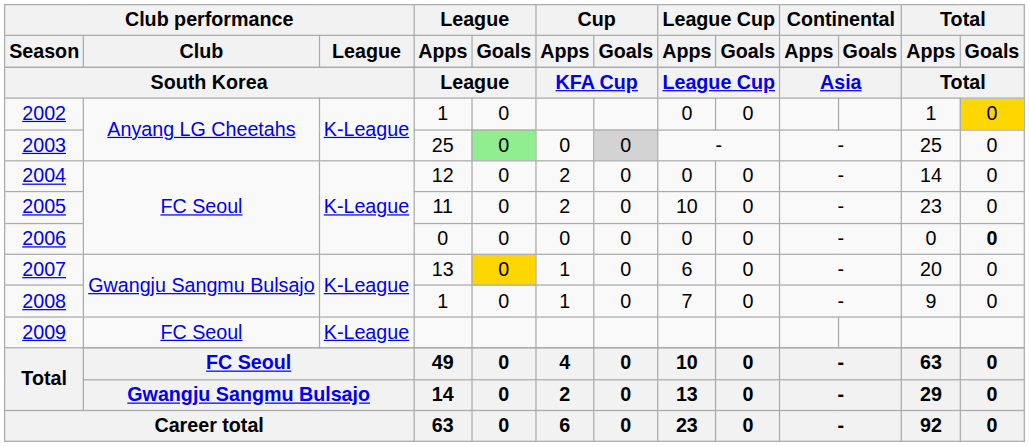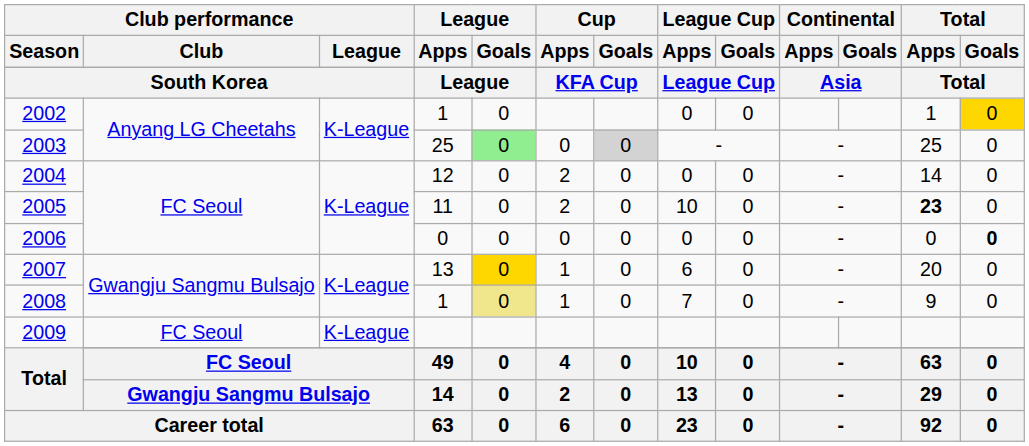 <table class="wikitable" style="text-align:center">
 <tr>
 <th colspan=3>Club performance</th>
 <th colspan=2>League</th>
 <th colspan=2>Cup</th>
 <th colspan=2>League Cup</th>
 <th colspan=2>Continental</th>
 <th colspan=2>Total</th>
 </tr>
 <tr>
 <th>Season</th>
 <th>Club</th>
 <th>League</th>
 <th>Apps</th>
 <th>Goals</th>
 <th>Apps</th>
 <th>Goals</th>
 <th>Apps</th>
 <th>Goals</th>
 <th>Apps</th>
 <th>Goals</th>
 <th>Apps</th>
 <th>Goals</th>
 </tr>
 <tr>
 </tr>
 <tr>
 <th colspan=3>South Korea</th>
 <th colspan=2>League</th>
 <th colspan=2><a href='#'>KFA Cup</a></th>
 <th colspan=2><a href='#'>League Cup</a></th>
 <th colspan=2><a href='#'>Asia</a></th>
 <th colspan=2>Total</th>
 </tr>
 <tr>
 <td><a href='#'>2002</a></td>
 <td rowspan="2"><a href='#'>Anyang LG Cheetahs</a></td>
 <td rowspan="2"><a href='#'>K-League</a></td>
 <td>1</td>
 <td>0</td>
 <td></td>
 <td></td>
 <td>0</td>
 <td>0</td>
 <td></td>
 <td></td>
 <td>1</td>
 <td style="background: gold;">0</td>
 </tr>
 <tr>
 <td><a href='#'>2003</a></td>
 <td>25</td>
 <td style="background: lightgreen;">0</td>
 <td>0</td>
 <td style="background: lightgrey;">0</td>
 <td colspan="2">-</td>
 <td colspan="2">-</td>
 <td>25</td>
 <td>0</td>
 </tr>
 <tr>
 <td><a href='#'>2004</a></td>
 <td rowspan="3"><a href='#'>FC Seoul</a></td>
 <td rowspan="3"><a href='#'>K-League</a></td>
 <td>12</td>
 <td>0</td>
 <td>2</td>
 <td>0</td>
 <td>0</td>
 <td>0</td>
 <td colspan="2">-</td>
 <td>14</td>
 <td>0</td>
 </tr>
 <tr>
 <td><a href='#'>2005</a></td>
 <td>11</td>
 <td>0</td>
 <td>2</td>
 <td>0</td>
 <td>10</td>
 <td>0</td>
 <td colspan="2">-</td>
-<td>23</td>
+<td><strong>23</strong></td>
 <td>0</td>
 </tr>
 <tr>
 <td><a href='#'>2006</a></td>
 <td>0</td>
 <td>0</td>
 <td>0</td>
 <td>0</td>
 <td>0</td>
 <td>0</td>
 <td colspan="2">-</td>
 <td>0</td>
 <td><strong>0</strong></td>
 </tr>
 <tr>
 <td><a href='#'>2007</a></td>
 <td rowspan="2"><a href='#'>Gwangju Sangmu Bulsajo</a></td>
 <td rowspan="2"><a href='#'>K-League</a></td>
 <td>13</td>
 <td style="background: gold;">0</td>
 <td>1</td>
 <td>0</td>
 <td>6</td>
 <td>0</td>
 <td colspan="2">-</td>
 <td>20</td>
 <td>0</td>
 </tr>
 <tr>
 <td><a href='#'>2008</a></td>
 <td>1</td>
-<td>0</td>
+<td style="background: khaki;">0</td>
 <td>1</td>
 <td>0</td>
 <td>7</td>
 <td>0</td>
 <td colspan="2">-</td>
 <td>9</td>
 <td>0</td>
 </tr>
 <tr>
 <td><a href='#'>2009</a></td>
 <td><a href='#'>FC Seoul</a></td>
 <td><a href='#'>K-League</a></td>
 <td></td>
 <td></td>
 <td></td>
 <td></td>
 <td></td>
 <td></td>
 <td></td>
 <td></td>
 <td></td>
 <td></td>
 </tr>
 <tr>
 <th rowspan=3>Total</th>
 </tr>
 <tr>
 <th colspan=2><a href='#'>FC Seoul</a></th>
 <th>49</th>
 <th>0</th>
 <th>4</th>
 <th>0</th>
 <th>10</th>
 <th>0</th>
 <th colspan="2">-</th>
 <th>63</th>
 <th>0</th>
 </tr>
 <tr>
 <th colspan=2><a href='#'>Gwangju Sangmu Bulsajo</a></th>
 <th>14</th>
 <th>0</th>
 <th>2</th>
 <th>0</th>
 <th>13</th>
 <th>0</th>
 <th colspan="2">-</th>
 <th>29</th>
 <th>0</th>
 </tr>
 <tr>
 <th colspan=3>Career total</th>
 <th>63</th>
 <th>0</th>
 <th>6</th>
 <th>0</th>
 <th>23</th>
 <th>0</th>
 <th colspan="2">-</th>
 <th>92</th>
 <th>0</th>
 </tr>
 </table>
